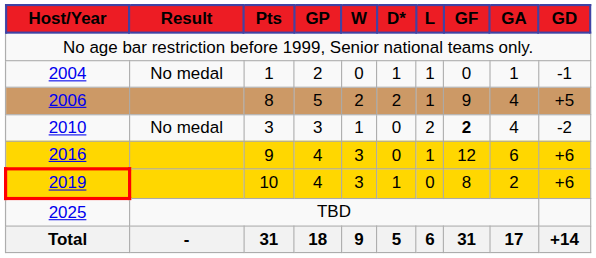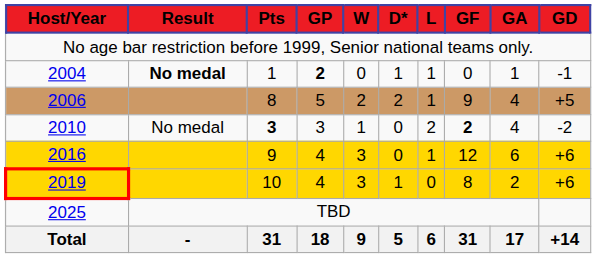 <table Class = "wikitable" style = "text-align: center; width:35%;">
 <tr>
 <th style="background:#ED1C24;border: 2px solid #3F43A4;"><span>Host/Year</span></th>
 <th style="background:#ED1C24;border: 2px solid #3F43A4;"><span>Result</span></th>
 <th style="background:#ED1C24;border: 2px solid #3F43A4;"><span>Pts</span></th>
 <th style="background:#ED1C24;border: 2px solid #3F43A4;"><span>GP</span></th>
 <th style="background:#ED1C24;border: 2px solid #3F43A4;"><span>W</span></th>
 <th style="background:#ED1C24;border: 2px solid #3F43A4;"><span>D*</span></th>
 <th style="background:#ED1C24;border: 2px solid #3F43A4;"><span>L</span></th>
 <th style="background:#ED1C24;border: 2px solid #3F43A4;"><span>GF</span></th>
 <th style="background:#ED1C24;border: 2px solid #3F43A4;"><span>GA</span></th>
 <th style="background:#ED1C24;border: 2px solid #3F43A4;"><span>GD</span></th>
 </tr>
 <tr>
 <td colspan="10">No age bar restriction before 1999, Senior national teams only.</td>
 </tr>
 <tr>
 <td> <a href='#'>2004</a></td>
-<td>No medal</td>
+<td><strong>No medal</strong></td>
 <td>1</td>
-<td>2</td>
+<td><strong>2</strong></td>
 <td>0</td>
 <td>1</td>
 <td>1</td>
 <td>0</td>
 <td>1</td>
 <td>-1</td>
 </tr>
 <tr bgcolor="#c96">
 <td> <a href='#'>2006</a></td>
 <td></td>
 <td>8</td>
 <td>5</td>
 <td>2</td>
 <td>2</td>
 <td>1</td>
 <td>9</td>
 <td>4</td>
 <td>+5</td>
 </tr>
 <tr>
 <td> <a href='#'>2010</a></td>
 <td>No medal</td>
-<td>3</td>
+<td><strong>3</strong></td>
 <td>3</td>
 <td>1</td>
 <td>0</td>
 <td>2</td>
 <td><strong>2</strong></td>
 <td>4</td>
 <td>-2</td>
 </tr>
 <tr bgcolor="gold">
 <td> <a href='#'>2016</a></td>
 <td></td>
 <td>9</td>
 <td>4</td>
 <td>3</td>
 <td>0</td>
 <td>1</td>
 <td>12</td>
 <td>6</td>
 <td>+6</td>
 </tr>
 <tr bgcolor="gold">
 <td style="border: 3px solid red"> <a href='#'>2019</a></td>
 <td></td>
 <td>10</td>
 <td>4</td>
 <td>3</td>
 <td>1</td>
 <td>0</td>
 <td>8</td>
 <td>2</td>
 <td>+6</td>
 </tr>
 <tr>
 <td> <a href='#'>2025</a></td>
 <td colspan=8>TBD</td>
 </tr>
 <tr>
 <th><strong>Total</strong></th>
 <th>-</th>
 <th>31</th>
 <th>18</th>
 <th>9</th>
 <th>5</th>
 <th>6</th>
 <th>31</th>
 <th>17</th>
 <th>+14</th>
 </tr>
 </table>
